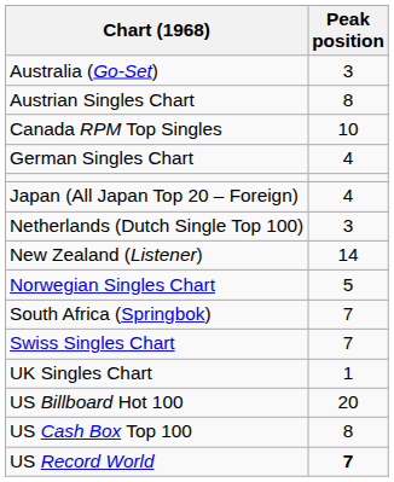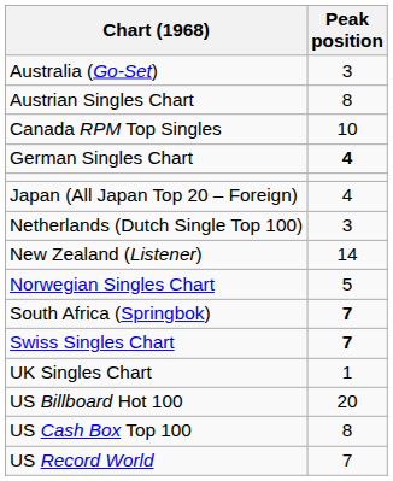 <table class="wikitable sortable">
 <tr>
 <th>Chart (1968)</th>
 <th>Peak<br>position</th>
 </tr>
 <tr>
 <td>Australia (<em><a href='#'>Go-Set</a></em>)</td>
 <td style="text-align:center;">3</td>
 </tr>
 <tr>
 <td>Austrian Singles Chart</td>
 <td style="text-align:center;">8</td>
 </tr>
 <tr>
 <td align="left">Canada <em>RPM</em> Top Singles</td>
 <td style="text-align:center;">10</td>
 </tr>
 <tr>
 <td align="left">German Singles Chart</td>
-<td style="text-align:center;">4</td>
+<td style="text-align:center;"><strong>4</strong></td>
 </tr>
 <tr>
 <td></td>
 </tr>
 <tr>
 <td>Japan (All Japan Top 20 – Foreign)</td>
 <td style="text-align:center;">4</td>
 </tr>
 <tr>
 <td>Netherlands (Dutch Single Top 100)</td>
 <td style="text-align:center;">3</td>
 </tr>
 <tr>
 <td>New Zealand (<em>Listener</em>)</td>
 <td style="text-align:center;">14</td>
 </tr>
 <tr>
 <td align="left"><a href='#'>Norwegian Singles Chart</a></td>
 <td style="text-align:center;">5</td>
 </tr>
 <tr>
 <td>South Africa (<a href='#'>Springbok</a>)</td>
-<td align="center">7</td>
+<td align="center"><strong>7</strong></td>
 </tr>
 <tr>
 <td><a href='#'>Swiss Singles Chart</a></td>
-<td style="text-align:center;">7</td>
+<td style="text-align:center;"><strong>7</strong></td>
 </tr>
 <tr>
 <td>UK Singles Chart</td>
 <td style="text-align:center;">1</td>
 </tr>
 <tr>
 <td>US <em>Billboard</em> Hot 100</td>
 <td style="text-align:center;">20</td>
 </tr>
 <tr>
 <td>US <em><a href='#'>Cash Box</a></em> Top 100</td>
 <td style="text-align:center;">8</td>
 </tr>
 <tr>
 <td>US <em><a href='#'>Record World</a></em></td>
-<td style="text-align:center;"><strong>7</strong></td>
+<td style="text-align:center;">7</td>
 </tr>
 </table>
